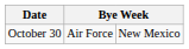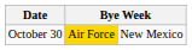 <table class="wikitable" style="font-size:95%">
 <tr>
 <th>Date</th>
 <th colspan="2">Bye Week</th>
 </tr>
 <tr>
 <td>October 30</td>
-<td>Air Force</td>
+<td style="background: gold;">Air Force</td>
 <td>New Mexico</td>
 </tr>
 </table>
